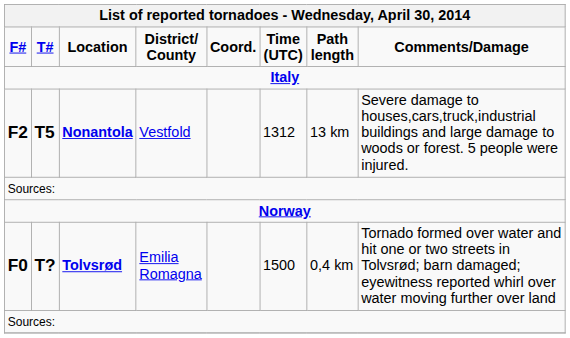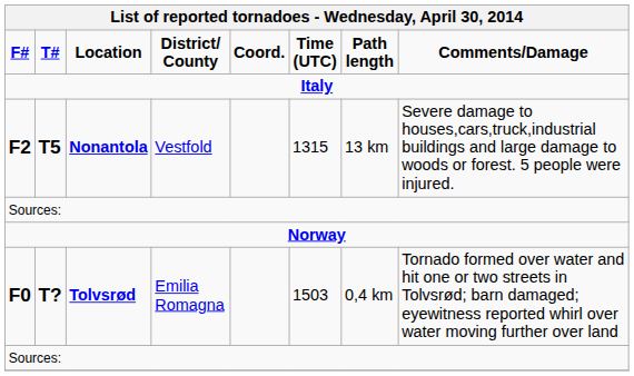 <table class="wikitable collapsible" width="100%">
 <tr>
 <th colspan="8">List of reported tornadoes - Wednesday, April 30, 2014</th>
 </tr>
 <tr>
 <td style="text-align: center;"><strong><a href='#'>F#</a></strong></td>
 <td style="text-align: center;"><strong><a href='#'>T#</a></strong></td>
 <td style="text-align: center;"><strong>Location</strong></td>
 <td style="text-align: center;"><strong>District/<br>County</strong></td>
 <td style="text-align: center;"><strong>Coord.</strong></td>
 <td style="text-align: center;"><strong>Time (UTC)</strong></td>
 <td style="text-align: center;"><strong>Path length</strong></td>
 <td style="text-align: center;"><strong>Comments/Damage</strong></td>
 </tr>
 <tr>
 <td colspan="8" align=center><strong><a href='#'>Italy</a></strong></td>
 </tr>
 <tr>
 <td><big><strong>F2</strong></big></td>
 <td><big><strong>T5</strong></big></td>
 <td><strong><a href='#'>Nonantola</a></strong></td>
 <td><a href='#'>Vestfold</a></td>
 <td></td>
-<td>1312</td>
+<td>1315</td>
 <td>13 km</td>
 <td>Severe damage to houses,cars,truck,industrial buildings and large damage to woods or forest. 5 people were injured.</td>
 </tr>
 <tr>
 <td colspan="8"><small>Sources:</small></td>
 </tr>
 <tr>
 <td colspan="8" align=center><strong><a href='#'>Norway</a></strong></td>
 </tr>
 <tr>
 <td><big><strong>F0</strong></big></td>
 <td><big><strong>T?</strong></big></td>
 <td><strong><a href='#'>Tolvsrød</a></strong></td>
 <td><a href='#'>Emilia Romagna</a></td>
 <td></td>
-<td>1500</td>
+<td>1503</td>
 <td>0,4 km</td>
 <td>Tornado formed over water and hit one or two streets in Tolvsrød; barn damaged; eyewitness reported whirl over water moving further over land</td>
 </tr>
 <tr>
 <td colspan="8"><small>Sources:</small></td>
 </tr>
 <tr>
 </tr>
 </table>
